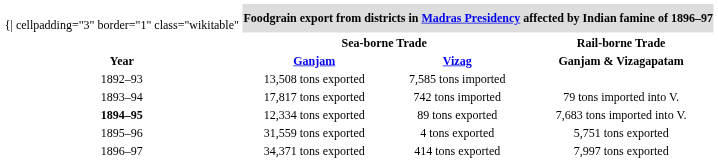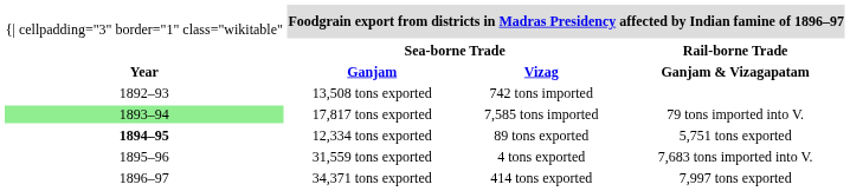 <table cellspacing="4">
 <tr>
 <td valign="top"><br>	{| cellpadding="3" border="1"  class="wikitable"</td>
 <th bgcolor="#DDDDDD" colspan="4">Foodgrain export from districts in <a href='#'>Madras Presidency</a> affected by Indian famine of 1896–97</th>
 </tr>
 <tr>
 <th></th>
 <th colspan="2">Sea-borne Trade</th>
 <th>Rail-borne Trade</th>
 </tr>
 <tr>
 <th>Year</th>
 <th><a href='#'>Ganjam</a></th>
 <th><a href='#'>Vizag</a></th>
 <th>Ganjam & Vizagapatam</th>
 </tr>
 <tr>
 <td align="center">1892–93</td>
 <td align="center">13,508 tons exported</td>
-<td align="center">7,585 tons imported</td>
+<td align="center">742 tons imported</td>
 <td></td>
 </tr>
 <tr>
-<td align="center">1893–94</td>
+<td align="center" style="background: lightgreen;">1893–94</td>
 <td align="center">17,817 tons exported</td>
-<td align="center">742 tons imported</td>
+<td align="center">7,585 tons imported</td>
 <td align="center">79 tons imported into V.</td>
 </tr>
 <tr>
 <td align="center"><strong>1894–95</strong></td>
 <td align="center">12,334 tons exported</td>
 <td align="center">89 tons exported</td>
-<td align="center">7,683 tons imported into V.</td>
+<td align="center">5,751 tons exported</td>
 </tr>
 <tr>
 <td align="center">1895–96</td>
 <td align="center">31,559 tons exported</td>
 <td align="center">4 tons exported</td>
-<td align="center">5,751 tons exported</td>
+<td align="center">7,683 tons imported into V.</td>
 </tr>
 <tr>
 <td align="center">1896–97</td>
 <td align="center">34,371 tons exported</td>
 <td align="center">414 tons exported</td>
 <td align="center">7,997 tons exported</td>
 </tr>
 </table>
